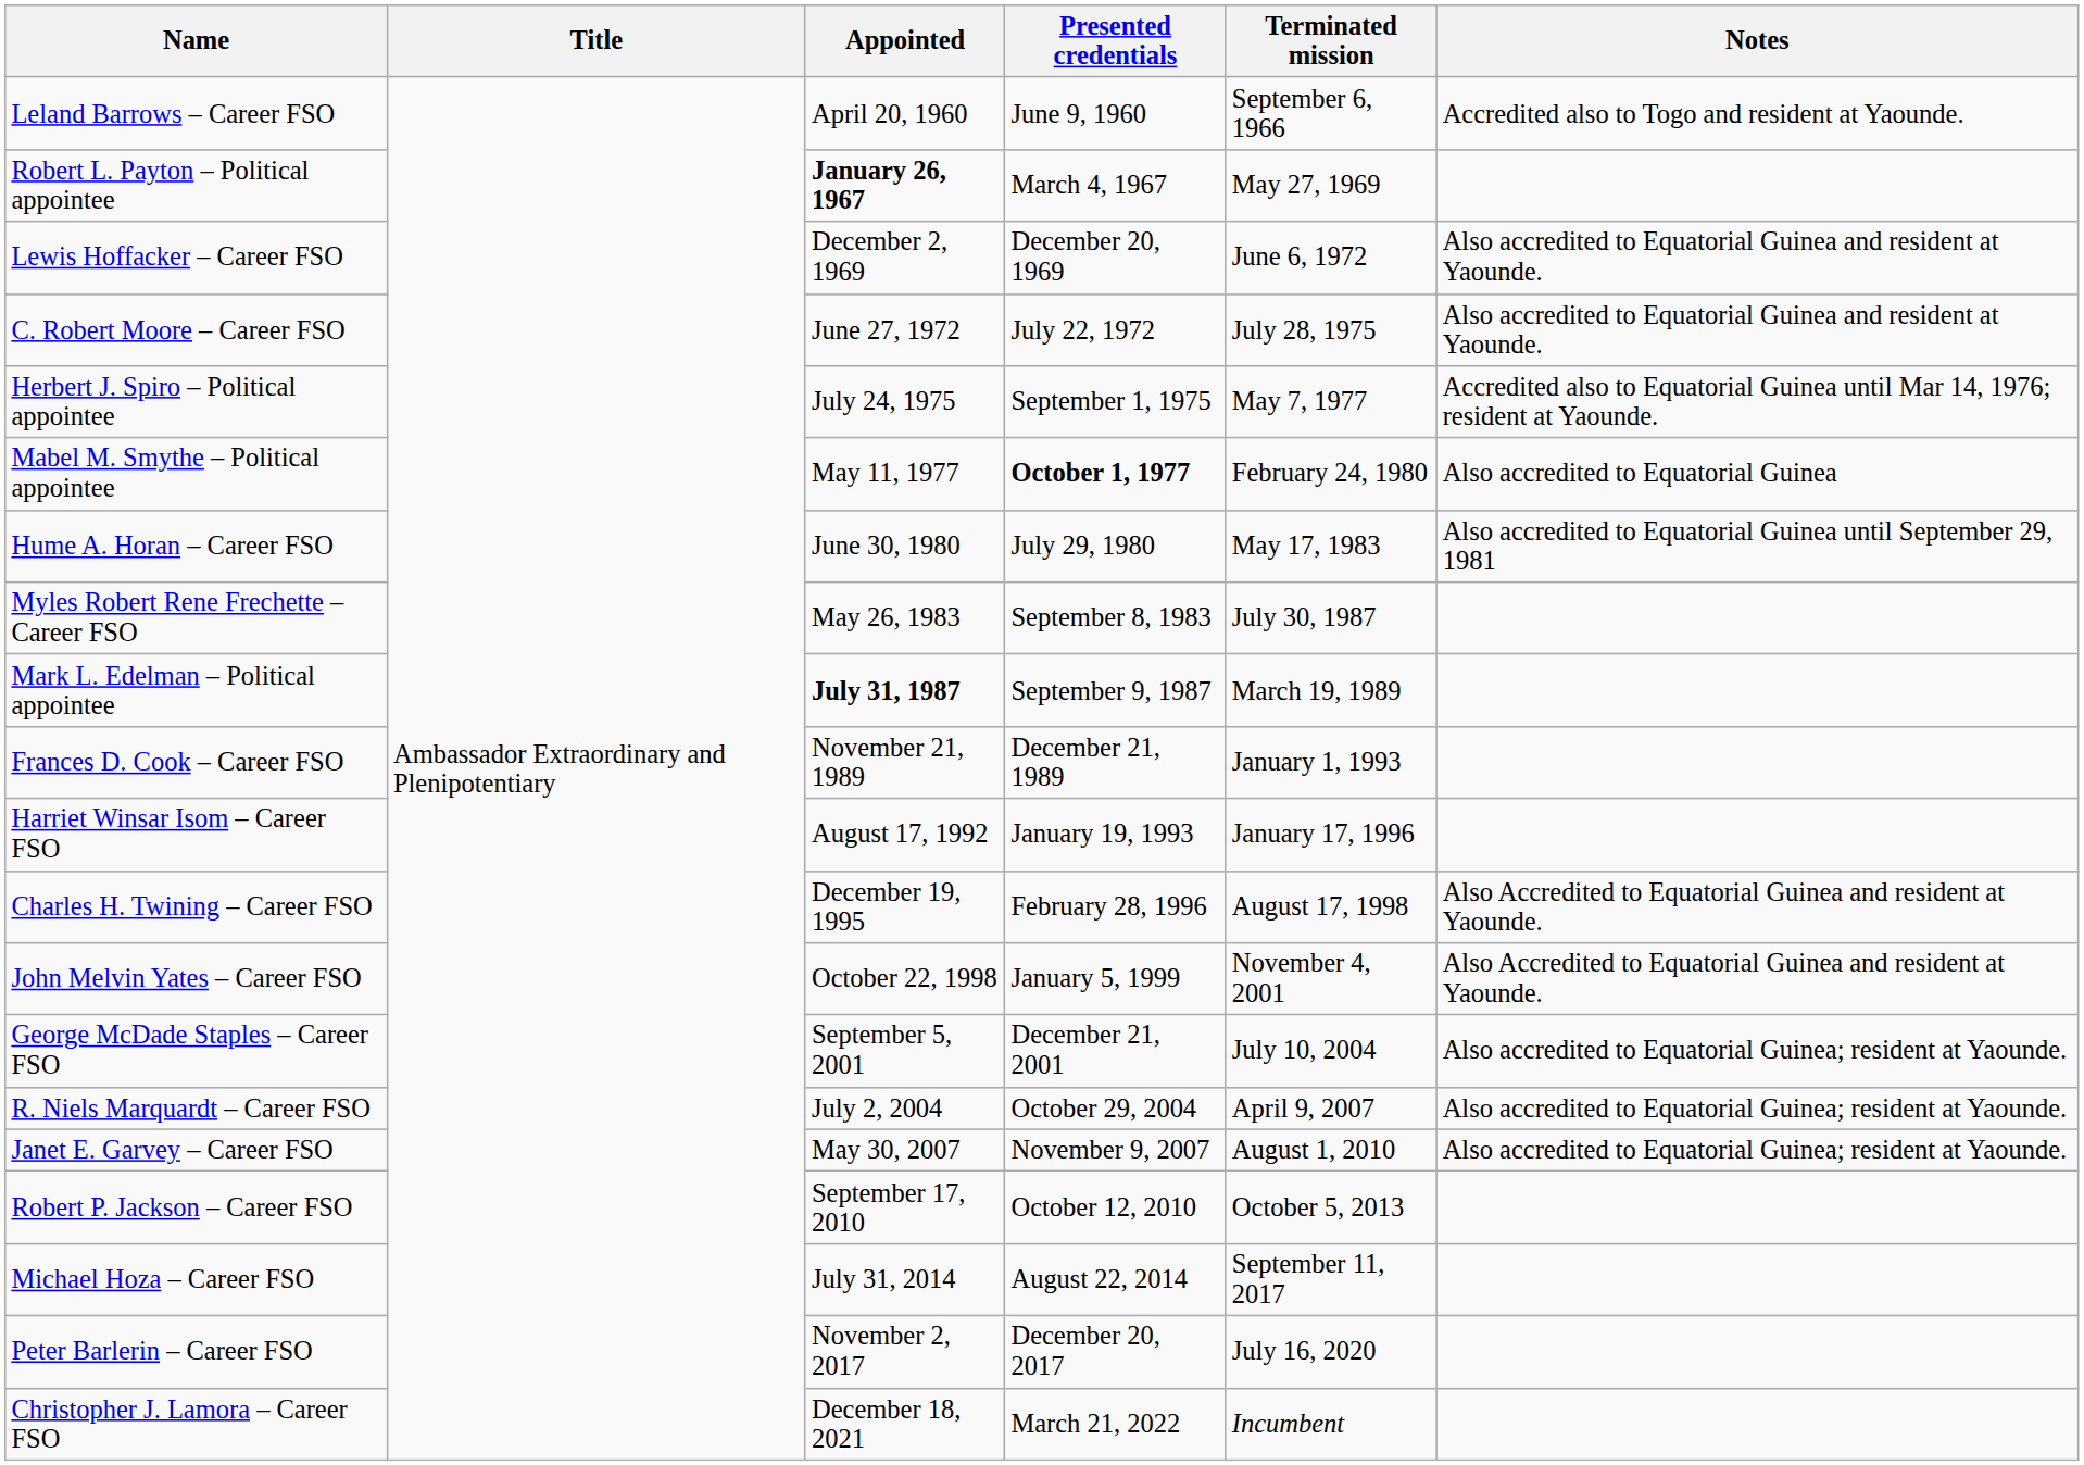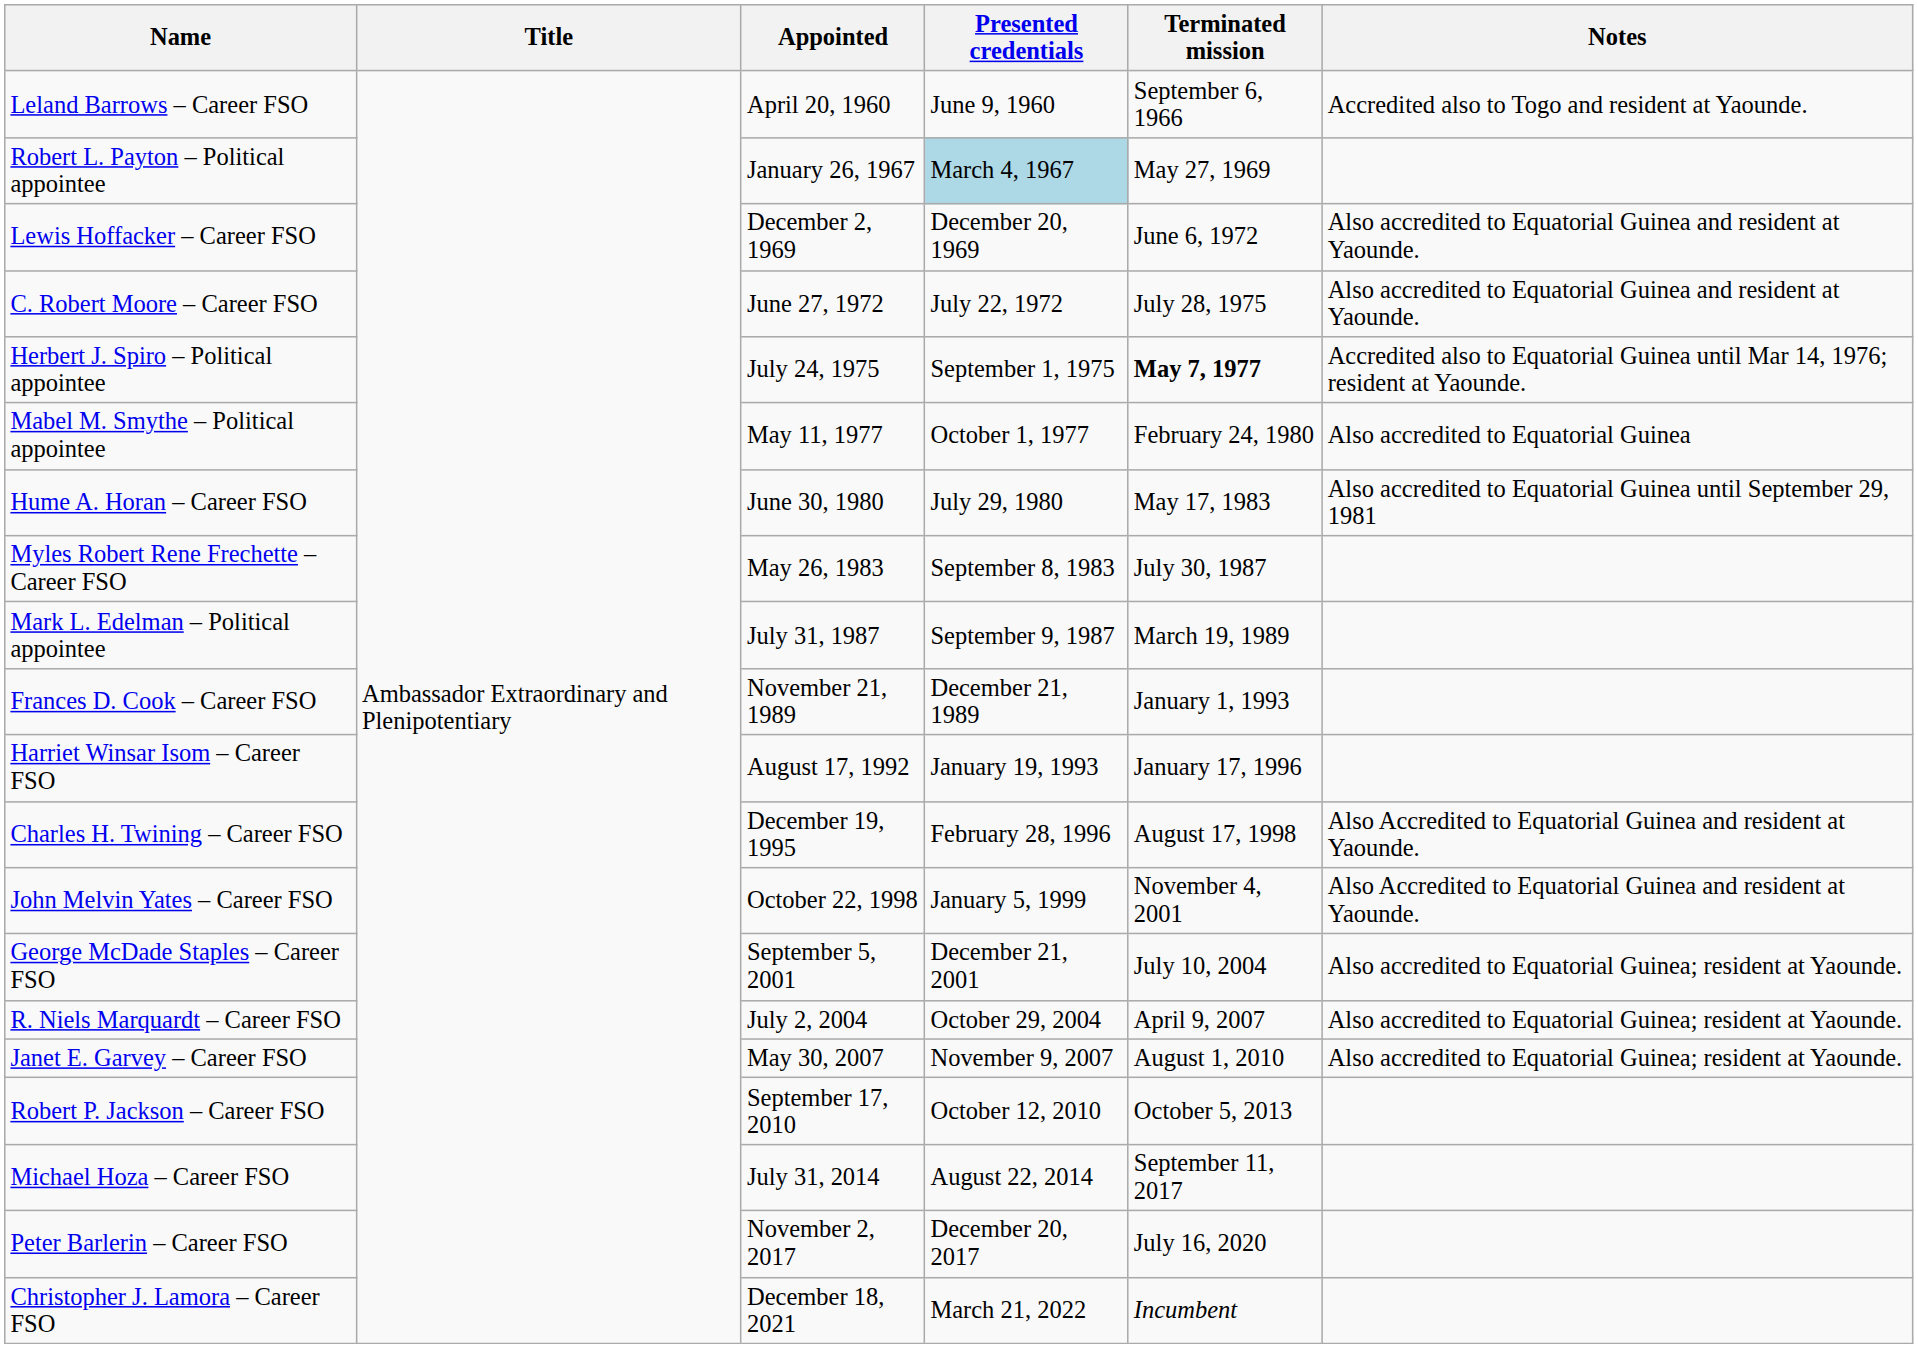 <table class="wikitable">
 <tr>
 <th>Name</th>
 <th>Title</th>
 <th>Appointed</th>
 <th><a href='#'>Presented credentials</a></th>
 <th>Terminated mission</th>
 <th>Notes</th>
 </tr>
 <tr>
 <td><a href='#'>Leland Barrows</a> – Career FSO</td>
 <td rowspan="20">Ambassador Extraordinary and Plenipotentiary</td>
 <td>April 20, 1960</td>
 <td>June 9, 1960</td>
 <td>September 6, 1966</td>
 <td>Accredited also to Togo and resident at Yaounde.</td>
 </tr>
 <tr>
 <td><a href='#'>Robert L. Payton</a> – Political appointee</td>
-<td><strong>January 26, 1967</strong></td>
-<td>March 4, 1967</td>
+<td>January 26, 1967</td>
+<td style="background: lightblue;">March 4, 1967</td>
 <td>May 27, 1969</td>
 <td></td>
 </tr>
 <tr>
 <td><a href='#'>Lewis Hoffacker</a> – Career FSO</td>
 <td>December 2, 1969</td>
 <td>December 20, 1969</td>
 <td>June 6, 1972</td>
 <td>Also accredited to Equatorial Guinea and resident at Yaounde.</td>
 </tr>
 <tr>
 <td><a href='#'>C. Robert Moore</a> – Career FSO</td>
 <td>June 27, 1972</td>
 <td>July 22, 1972</td>
 <td>July 28, 1975</td>
 <td>Also accredited to Equatorial Guinea and resident at Yaounde.</td>
 </tr>
 <tr>
 <td><a href='#'>Herbert J. Spiro</a> – Political appointee</td>
 <td>July 24, 1975</td>
 <td>September 1, 1975</td>
-<td>May 7, 1977</td>
+<td><strong>May 7, 1977</strong></td>
 <td>Accredited also to Equatorial Guinea until Mar 14, 1976; resident at Yaounde.</td>
 </tr>
 <tr>
 <td><a href='#'>Mabel M. Smythe</a> – Political appointee</td>
 <td>May 11, 1977</td>
-<td><strong>October 1, 1977</strong></td>
+<td>October 1, 1977</td>
 <td>February 24, 1980</td>
 <td>Also accredited to Equatorial Guinea</td>
 </tr>
 <tr>
 <td><a href='#'>Hume A. Horan</a> – Career FSO</td>
 <td>June 30, 1980</td>
 <td>July 29, 1980</td>
 <td>May 17, 1983</td>
 <td>Also accredited to Equatorial Guinea until September 29, 1981</td>
 </tr>
 <tr>
 <td><a href='#'>Myles Robert Rene Frechette</a>  – Career FSO</td>
 <td>May 26, 1983</td>
 <td>September 8, 1983</td>
 <td>July 30, 1987</td>
 </tr>
 <tr>
 <td><a href='#'>Mark L. Edelman</a> – Political appointee</td>
-<td><strong>July 31, 1987</strong></td>
+<td>July 31, 1987</td>
 <td>September 9, 1987</td>
 <td>March 19, 1989</td>
 <td></td>
 </tr>
 <tr>
 <td><a href='#'>Frances D. Cook</a> – Career FSO</td>
 <td>November 21, 1989</td>
 <td>December 21, 1989</td>
 <td>January 1, 1993</td>
 <td></td>
 </tr>
 <tr>
 <td><a href='#'>Harriet Winsar Isom</a> – Career FSO</td>
 <td>August 17, 1992</td>
 <td>January 19, 1993</td>
 <td>January 17, 1996</td>
 <td></td>
 </tr>
 <tr>
 <td><a href='#'>Charles H. Twining</a> – Career FSO</td>
 <td>December 19, 1995</td>
 <td>February 28, 1996</td>
 <td>August 17, 1998</td>
 <td>Also Accredited to Equatorial Guinea and resident at Yaounde.</td>
 </tr>
 <tr>
 <td><a href='#'>John Melvin Yates</a> – Career FSO</td>
 <td>October 22, 1998</td>
 <td>January 5, 1999</td>
 <td>November 4, 2001</td>
 <td>Also Accredited to Equatorial Guinea and resident at Yaounde.</td>
 </tr>
 <tr>
 <td><a href='#'>George McDade Staples</a> – Career FSO</td>
 <td>September 5, 2001</td>
 <td>December 21, 2001</td>
 <td>July 10, 2004</td>
 <td>Also accredited to Equatorial Guinea; resident at Yaounde.</td>
 </tr>
 <tr>
 <td><a href='#'>R. Niels Marquardt</a> – Career FSO</td>
 <td>July 2, 2004</td>
 <td>October 29, 2004</td>
 <td>April 9, 2007</td>
 <td>Also accredited to Equatorial Guinea; resident at Yaounde.</td>
 </tr>
 <tr>
 <td><a href='#'>Janet E. Garvey</a> – Career FSO</td>
 <td>May 30, 2007</td>
 <td>November 9, 2007</td>
 <td>August 1, 2010</td>
 <td>Also accredited to Equatorial Guinea; resident at Yaounde.</td>
 </tr>
 <tr>
 <td><a href='#'>Robert P. Jackson</a> – Career FSO</td>
 <td>September 17, 2010</td>
 <td>October 12, 2010</td>
 <td>October 5, 2013</td>
 <td></td>
 </tr>
 <tr>
 <td><a href='#'>Michael Hoza</a> – Career FSO</td>
 <td>July 31, 2014</td>
 <td>August 22, 2014</td>
 <td>September 11, 2017</td>
 <td></td>
 </tr>
 <tr>
 <td><a href='#'>Peter Barlerin</a> – Career FSO</td>
 <td>November 2, 2017</td>
 <td>December 20, 2017</td>
 <td>July 16, 2020</td>
 <td></td>
 </tr>
 <tr>
 <td><a href='#'>Christopher J. Lamora</a> – Career FSO</td>
 <td>December 18, 2021</td>
 <td>March 21, 2022</td>
 <td><em>Incumbent</em></td>
 <td></td>
 </tr>
 </table>
